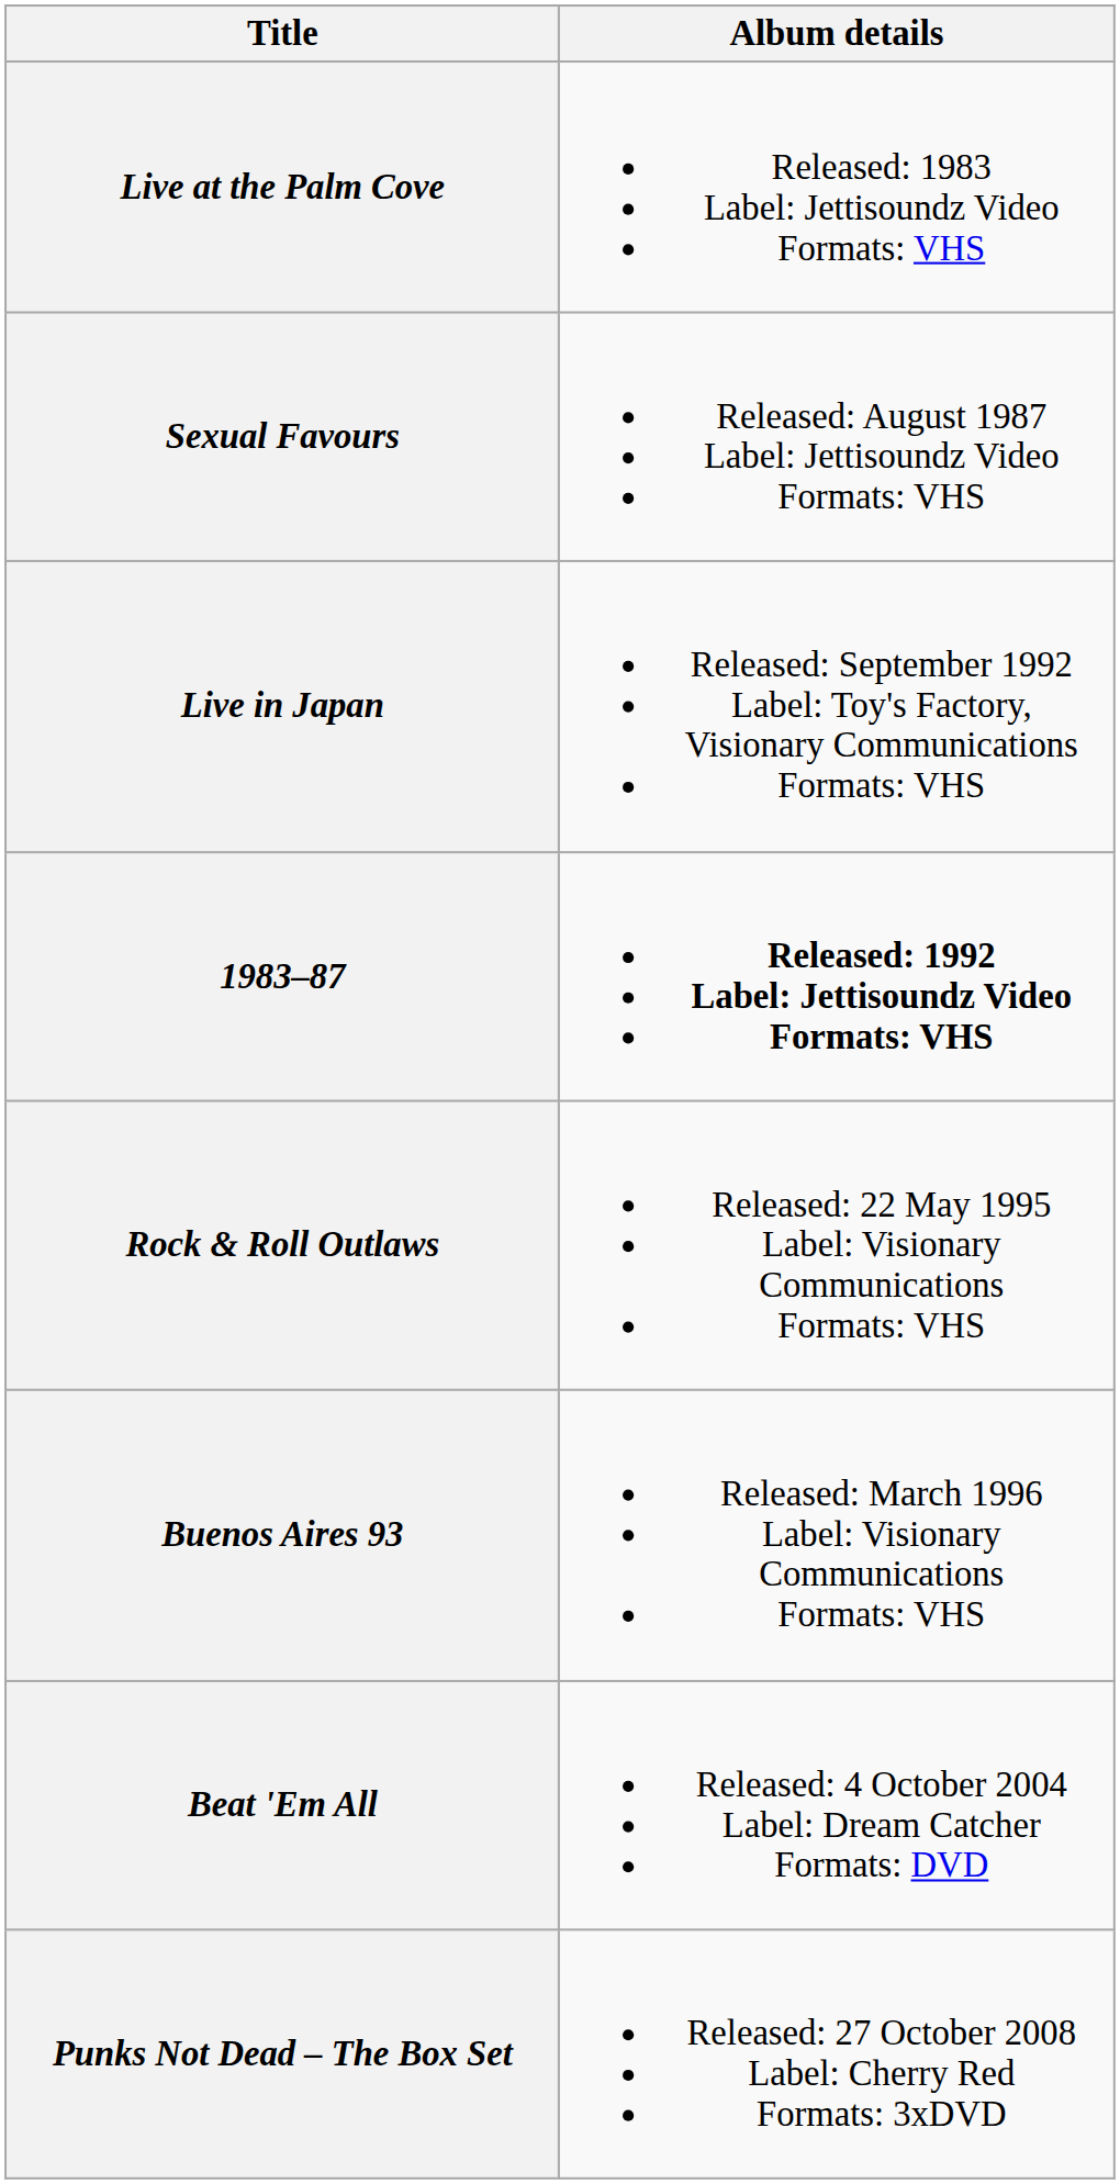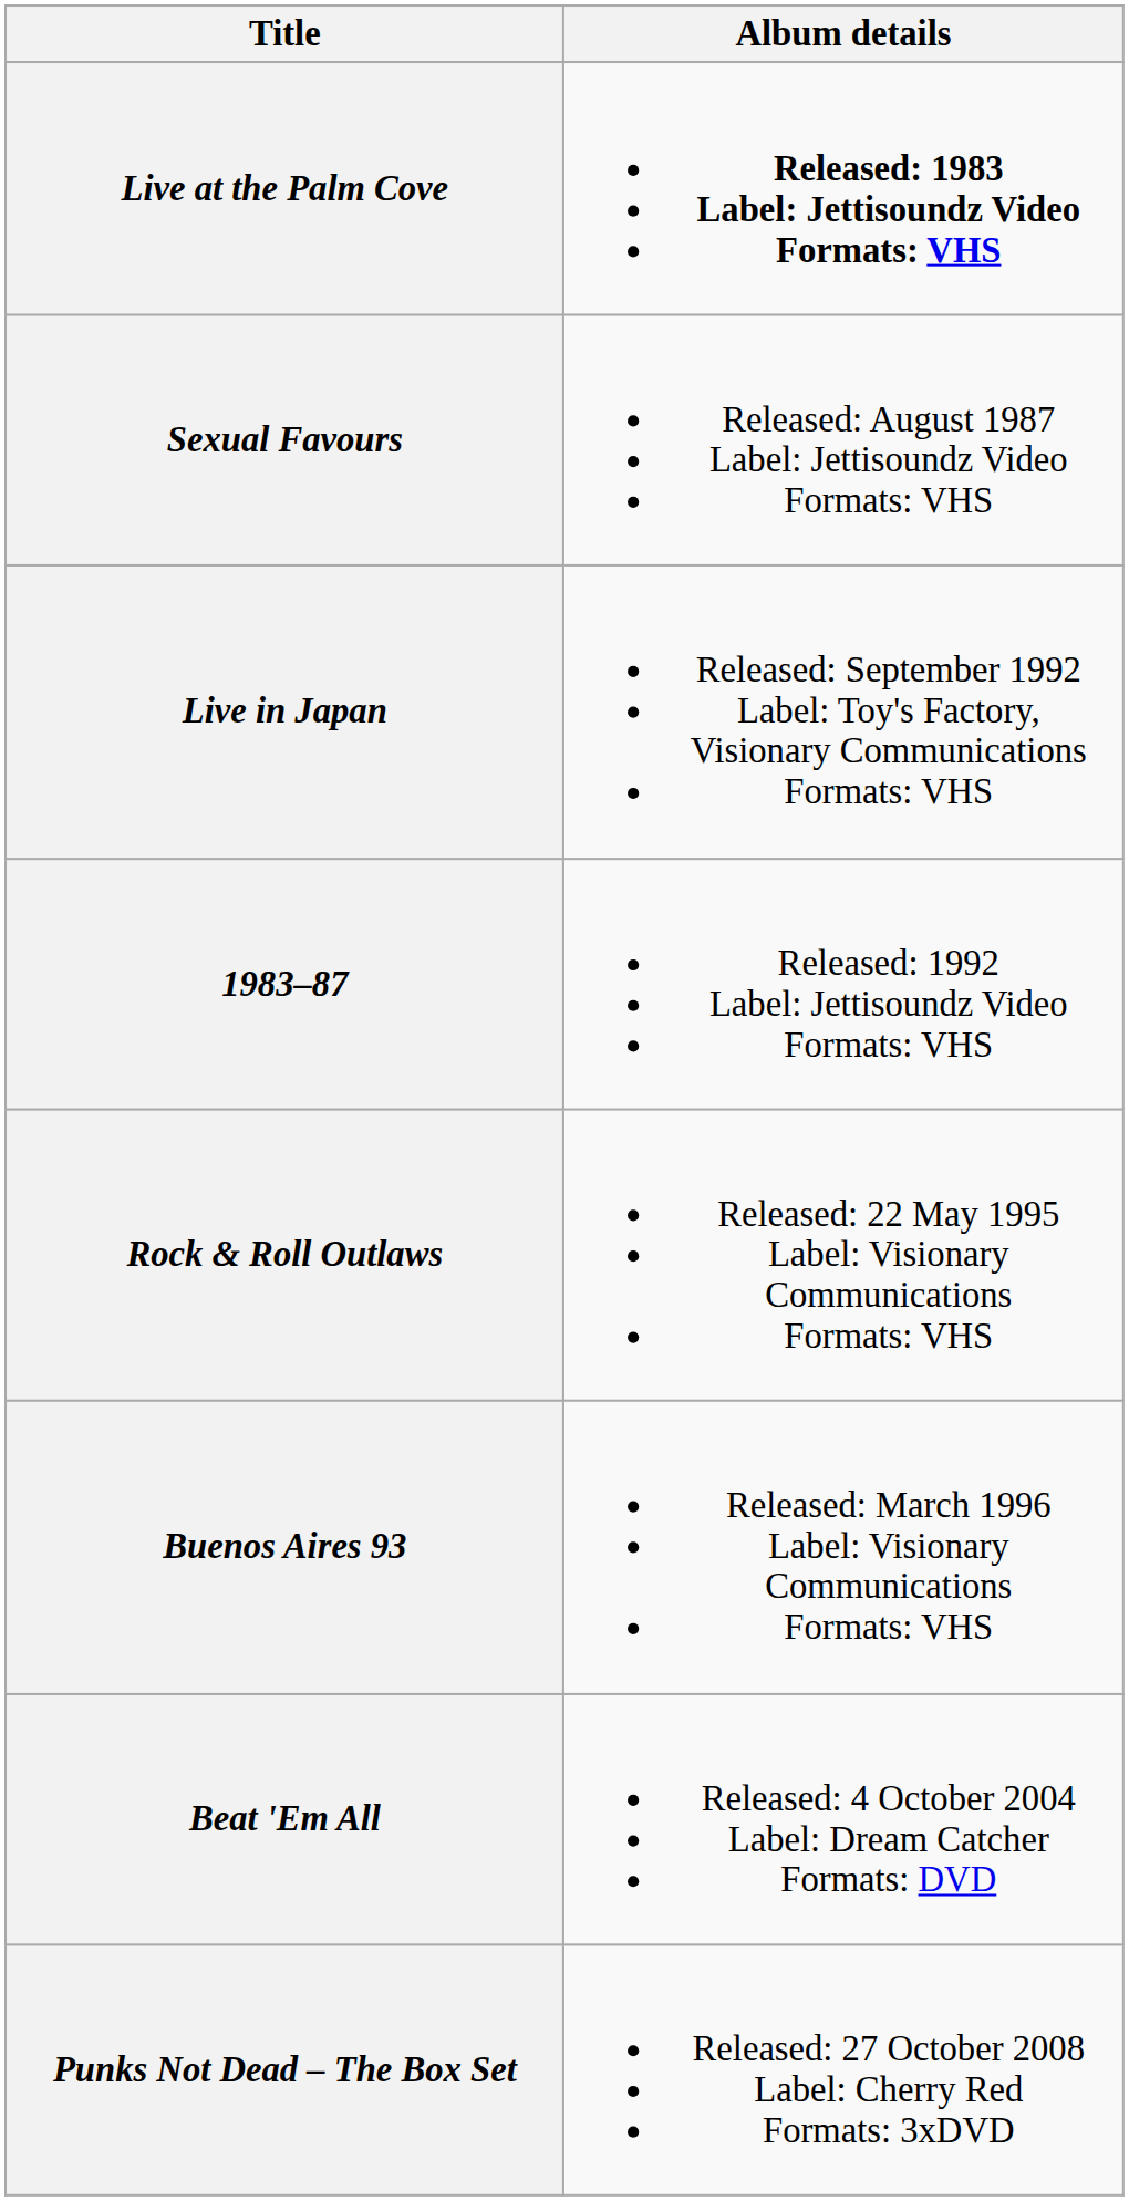 <table class="wikitable plainrowheaders" style="text-align:center;">
 <tr>
 <th scope="col" style="width:15em;">Title</th>
 <th scope="col" style="width:15em;">Album details</th>
 </tr>
 <tr>
 <th scope="row"><em>Live at the Palm Cove</em></th>
-<td><br><ul><li>Released: 1983</li><li>Label: Jettisoundz Video</li><li>Formats: <a href='#'>VHS</a></li></ul></td>
+<td><strong><br><ul><li>Released: 1983</li><li>Label: Jettisoundz Video</li><li>Formats: <a href='#'>VHS</a></li></ul></strong></td>
 </tr>
 <tr>
 <th scope="row"><em>Sexual Favours</em></th>
 <td><br><ul><li>Released: August 1987</li><li>Label: Jettisoundz Video</li><li>Formats: VHS</li></ul></td>
 </tr>
 <tr>
 <th scope="row"><em>Live in Japan</em></th>
 <td><br><ul><li>Released: September 1992</li><li>Label: Toy's Factory, Visionary Communications</li><li>Formats: VHS</li></ul></td>
 </tr>
 <tr>
 <th scope="row"><em>1983–87</em></th>
-<td><strong><br><ul><li>Released: 1992</li><li>Label: Jettisoundz Video</li><li>Formats: VHS</li></ul></strong></td>
+<td><br><ul><li>Released: 1992</li><li>Label: Jettisoundz Video</li><li>Formats: VHS</li></ul></td>
 </tr>
 <tr>
 <th scope="row"><em>Rock & Roll Outlaws</em></th>
 <td><br><ul><li>Released: 22 May 1995</li><li>Label: Visionary Communications</li><li>Formats: VHS</li></ul></td>
 </tr>
 <tr>
 <th scope="row"><em>Buenos Aires 93</em></th>
 <td><br><ul><li>Released: March 1996</li><li>Label: Visionary Communications</li><li>Formats: VHS</li></ul></td>
 </tr>
 <tr>
 <th scope="row"><em>Beat 'Em All</em></th>
 <td><br><ul><li>Released: 4 October 2004</li><li>Label: Dream Catcher</li><li>Formats: <a href='#'>DVD</a></li></ul></td>
 </tr>
 <tr>
 <th scope="row"><em>Punks Not Dead – The Box Set</em></th>
 <td><br><ul><li>Released: 27 October 2008</li><li>Label: Cherry Red</li><li>Formats: 3xDVD</li></ul></td>
 </tr>
 </table>
